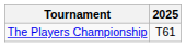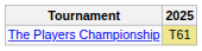 <table class="wikitable" style="font-size:95%;text-align:center;">
 <tr>
 <th>Tournament</th>
 <th>2025</th>
 </tr>
 <tr>
 <td align=left><a href='#'>The Players Championship</a></td>
-<td>T61</td>
+<td style="background: khaki;">T61</td>
 </tr>
 </table>
